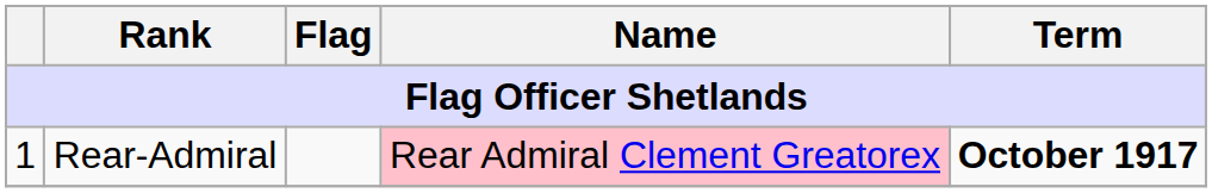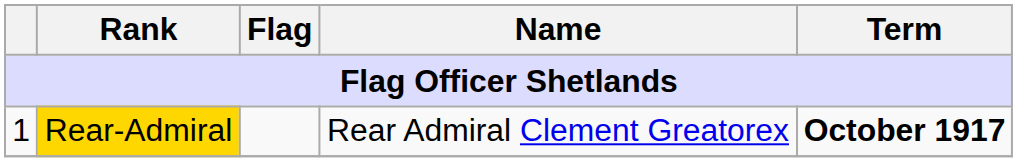 <table class="wikitable">
 <tr>
 <th></th>
 <th>Rank</th>
 <th>Flag</th>
 <th>Name</th>
 <th>Term</th>
 </tr>
 <tr>
 <td colspan="5" align="center" style="background:#dcdcfe;"><strong>Flag Officer Shetlands</strong></td>
 </tr>
 <tr>
 <td>1</td>
-<td>Rear-Admiral</td>
+<td style="background: gold;">Rear-Admiral</td>
 <td></td>
-<td style="background: pink;">Rear Admiral <a href='#'>Clement Greatorex</a></td>
+<td>Rear Admiral <a href='#'>Clement Greatorex</a></td>
 <td><strong>October 1917</strong></td>
 </tr>
 <tr>
 </tr>
 </table>
